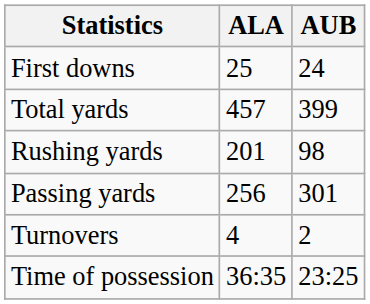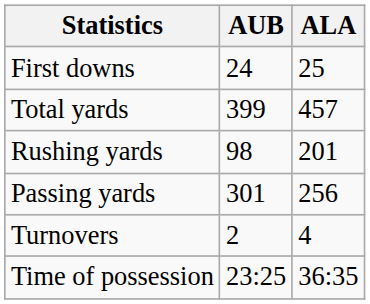 <table class="wikitable" style="float: left;">
 <tr>
 <th>Statistics</th>
+<th>AUB</th>
 <th>ALA</th>
-<th>AUB</th>
 </tr>
 <tr>
 <td>First downs</td>
+<td>24</td>
 <td>25</td>
-<td>24</td>
 </tr>
 <tr>
 <td>Total yards</td>
+<td>399</td>
 <td>457</td>
-<td>399</td>
 </tr>
 <tr>
 <td>Rushing yards</td>
+<td>98</td>
 <td>201</td>
-<td>98</td>
 </tr>
 <tr>
 <td>Passing yards</td>
+<td>301</td>
 <td>256</td>
-<td>301</td>
 </tr>
 <tr>
 <td>Turnovers</td>
+<td>2</td>
 <td>4</td>
-<td>2</td>
 </tr>
 <tr>
 <td>Time of possession</td>
+<td>23:25</td>
 <td>36:35</td>
-<td>23:25</td>
 </tr>
 </table>
